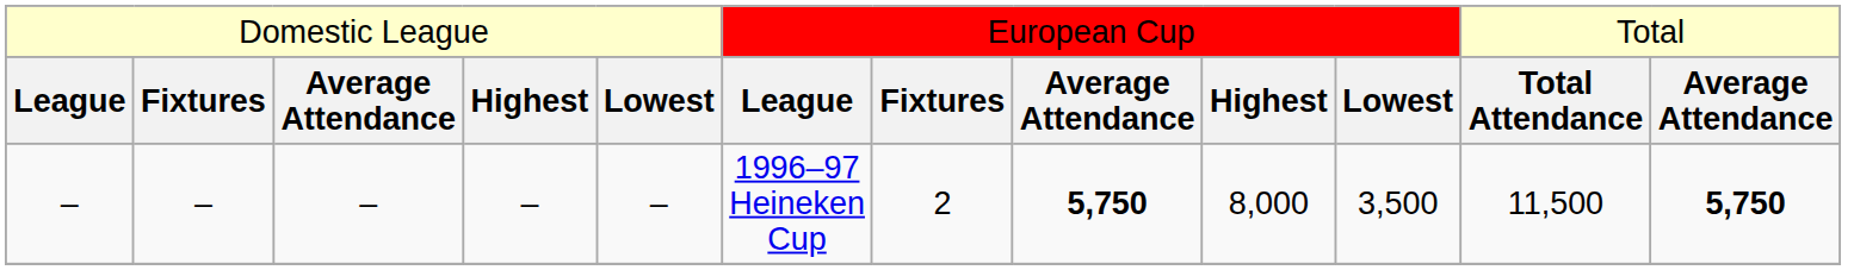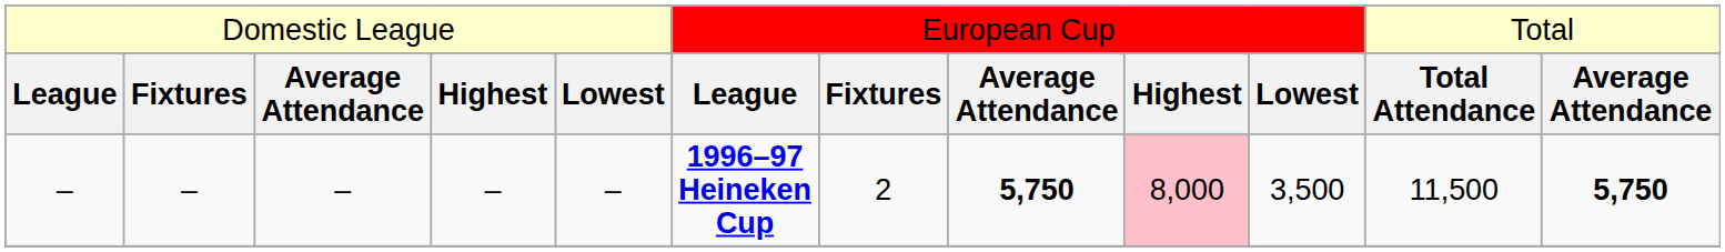 <table class="wikitable sortable" style="font-size:90%; width:90%;">
 <tr>
 <td colspan="5" class="wikitable sortable" style="width:45%; background:#ffffcc; text-align:center;"><span>Domestic League</span></td>
 <td colspan="5" class="wikitable sortable" style="width:45%; background:#f00; text-align:center;"><span>European Cup</span></td>
 <td colspan="2" class="wikitable sortable" style="width:45%; background:#ffffcc; text-align:center;"><span>Total</span></td>
 </tr>
 <tr>
 <th style="width:15%;">League</th>
 <th style="width:5%;">Fixtures</th>
 <th style="width:10%;">Average Attendance</th>
 <th style="width:10%;">Highest</th>
 <th style="width:10%;">Lowest</th>
 <th style="width:15%;">League</th>
 <th style="width:5%;">Fixtures</th>
 <th style="width:10%;">Average Attendance</th>
 <th style="width:10%;">Highest</th>
 <th style="width:10%;">Lowest</th>
 <th style="width:10%;">Total Attendance</th>
 <th style="width:10%;">Average Attendance</th>
 </tr>
 <tr>
 <td align=center>–</td>
 <td align=center>–</td>
 <td align=center>–</td>
 <td align=center>–</td>
 <td align=center>–</td>
-<td align=center><a href='#'>1996–97 Heineken Cup</a></td>
+<td align=center><strong><a href='#'>1996–97 Heineken Cup</a></strong></td>
 <td align=center>2</td>
 <td align=center><strong>5,750</strong></td>
-<td align=center>8,000</td>
+<td align=center style="background: pink;">8,000</td>
 <td align=center>3,500</td>
 <td align=center>11,500</td>
 <td align=center><strong>5,750</strong></td>
 </tr>
 <tr>
 </tr>
 </table>
